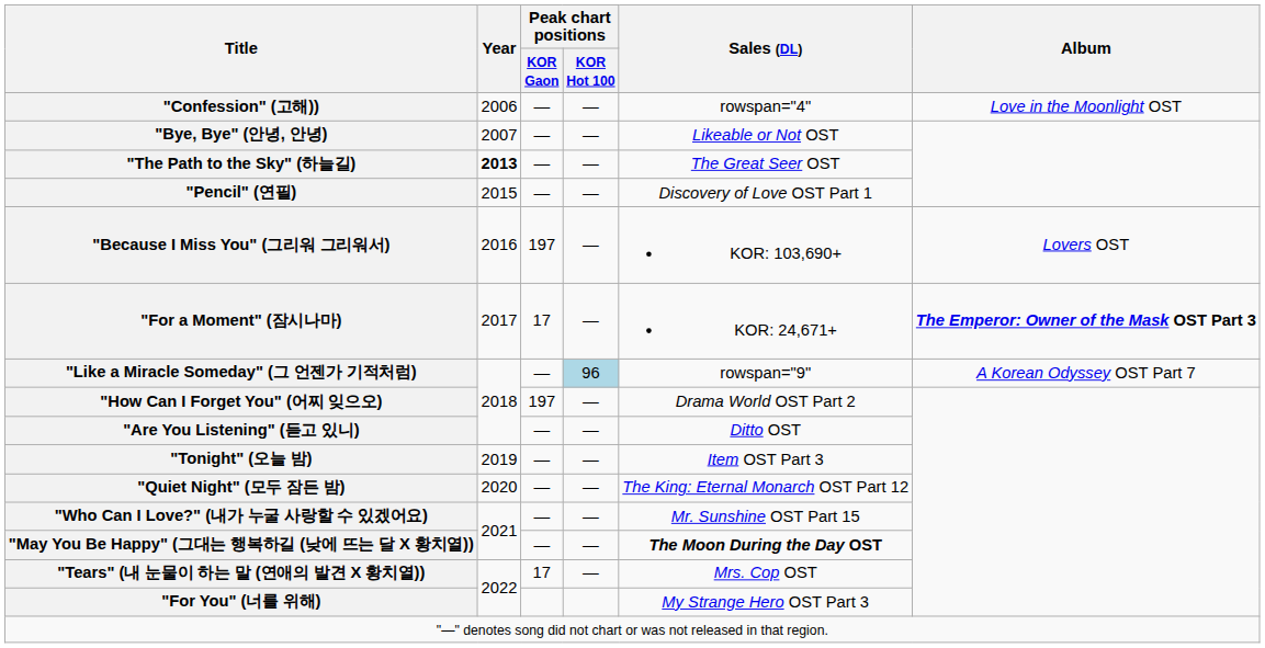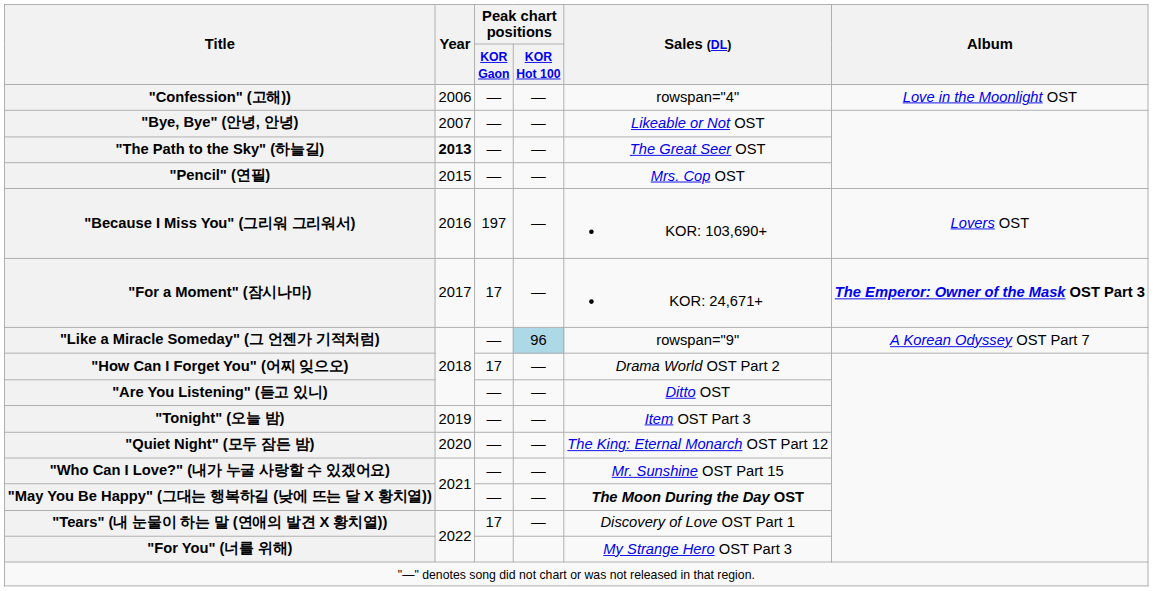 <table class="wikitable plainrowheaders" style="text-align:center;">
 <tr>
 <th rowspan="2" scope="col">Title</th>
 <th rowspan="2" scope="col">Year</th>
 <th colspan="2" scope="col" style="width:5em;">Peak chart positions</th>
 <th rowspan="2" scope="col">Sales <small>(<a href='#'>DL</a>)</small></th>
 <th rowspan="2" scope="col">Album</th>
 </tr>
 <tr>
 <th><small><a href='#'>KOR<br>Gaon</a></small><br></th>
 <th><small><a href='#'>KOR<br>Hot 100</a></small><br></th>
 </tr>
 <tr>
 <th scope="row">"Confession" (고해))</th>
 <td>2006</td>
 <td>—</td>
 <td>—</td>
 <td>rowspan="4" </td>
 <td><em><a href='#'>Love in the Moonlight</a></em> OST</td>
 </tr>
 <tr>
 <th scope="row">"Bye, Bye" (안녕, 안녕)</th>
 <td>2007</td>
 <td>—</td>
 <td>—</td>
 <td><em><a href='#'>Likeable or Not</a></em> OST</td>
 </tr>
 <tr>
 <th scope="row">"The Path to the Sky" (하늘길)</th>
 <td><strong>2013</strong></td>
 <td>—</td>
 <td>—</td>
 <td><em><a href='#'>The Great Seer</a></em> OST</td>
 </tr>
 <tr>
 <th scope="row">"Pencil" (연필)</th>
 <td>2015</td>
 <td>—</td>
 <td>—</td>
-<td><em>Discovery of Love</em> OST Part 1</td>
+<td><em><a href='#'>Mrs. Cop</a></em> OST</td>
 </tr>
 <tr>
 <th scope="row">"Because I Miss You" (그리워 그리워서)</th>
 <td>2016</td>
 <td>197</td>
 <td>—</td>
 <td><br><ul><li>KOR: 103,690+</li></ul></td>
 <td><em><a href='#'>Lovers</a></em> OST</td>
 </tr>
 <tr>
 <th scope="row">"For a Moment" (잠시나마)</th>
 <td>2017</td>
 <td>17</td>
 <td>—</td>
 <td><br><ul><li>KOR: 24,671+</li></ul></td>
 <td><strong><em><a href='#'>The Emperor: Owner of the Mask</a></em> OST Part 3</strong></td>
 </tr>
 <tr>
 <th scope="row">"Like a Miracle Someday" (그 언젠가 기적처럼)</th>
 <td rowspan="3">2018</td>
 <td>—</td>
 <td style="background: lightblue;">96</td>
 <td>rowspan="9" </td>
 <td><em><a href='#'>A Korean Odyssey</a></em> OST Part 7</td>
 </tr>
 <tr>
 <th scope="row">"How Can I Forget You" (어찌 잊으오)</th>
-<td>197</td>
+<td>17</td>
 <td>—</td>
 <td><em>Drama World</em> OST Part 2</td>
 </tr>
 <tr>
 <th scope="row">"Are You Listening" (듣고 있니)</th>
 <td>—</td>
 <td>—</td>
 <td><em><a href='#'>Ditto</a></em> OST</td>
 </tr>
 <tr>
 <th scope="row">"Tonight" (오늘 밤)</th>
 <td>2019</td>
 <td>—</td>
 <td>—</td>
 <td><em><a href='#'>Item</a></em> OST Part 3</td>
 </tr>
 <tr>
 <th scope="row">"Quiet Night" (모두 잠든 밤)</th>
 <td>2020</td>
 <td>—</td>
 <td>—</td>
 <td><em><a href='#'>The King: Eternal Monarch</a></em> OST Part 12</td>
 </tr>
 <tr>
 <th scope="row">"Who Can I Love?" (내가 누굴 사랑할 수 있겠어요)</th>
 <td rowspan="2">2021</td>
 <td>—</td>
 <td>—</td>
 <td><em><a href='#'>Mr. Sunshine</a></em> OST Part 15</td>
 </tr>
 <tr>
 <th scope="row">"May You Be Happy" (그대는 행복하길 (낮에 뜨는 달 X 황치열))</th>
 <td>—</td>
 <td>—</td>
 <td><strong><em>The Moon During the Day</em> OST</strong></td>
 </tr>
 <tr>
 <th scope="row">"Tears" (내 눈물이 하는 말 (연애의 발견 X 황치열))</th>
 <td rowspan=2>2022</td>
 <td>17</td>
 <td>—</td>
-<td><em><a href='#'>Mrs. Cop</a></em> OST</td>
+<td><em>Discovery of Love</em> OST Part 1</td>
 </tr>
 <tr>
 <th scope="row">"For You" (너를 위해)</th>
 <td></td>
 <td></td>
 <td><em><a href='#'>My Strange Hero</a></em> OST Part 3</td>
 </tr>
 <tr>
 <td colspan="6"><small>"—" denotes song did not chart or was not released in that region.</small></td>
 </tr>
 </table>
